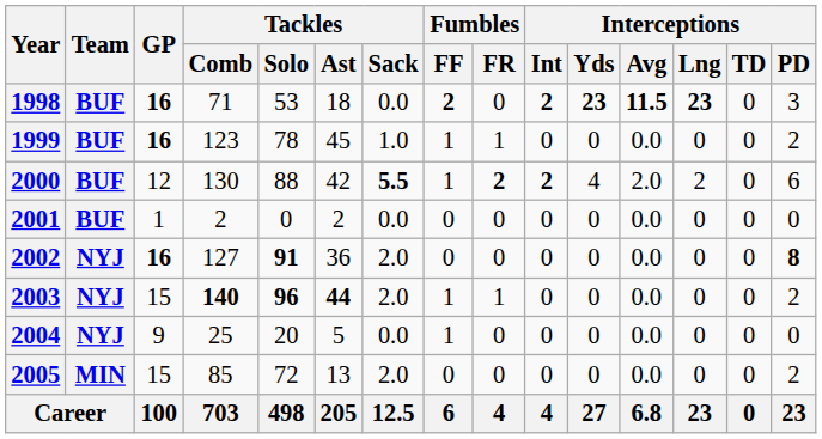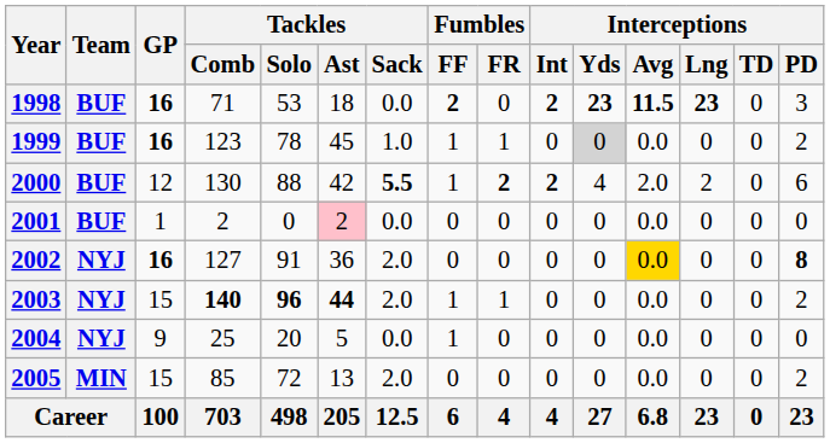 <table class="wikitable" style="text-align:center">
 <tr>
 <th rowspan="2">Year</th>
 <th rowspan="2">Team</th>
 <th rowspan="2">GP</th>
 <th colspan="4">Tackles</th>
 <th colspan="2">Fumbles</th>
 <th colspan="6">Interceptions</th>
 </tr>
 <tr>
 <th>Comb</th>
 <th>Solo</th>
 <th>Ast</th>
 <th>Sack</th>
 <th>FF</th>
 <th>FR</th>
 <th>Int</th>
 <th>Yds</th>
 <th>Avg</th>
 <th>Lng</th>
 <th>TD</th>
 <th>PD</th>
 </tr>
 <tr>
 <th><a href='#'>1998</a></th>
 <th><a href='#'>BUF</a></th>
 <td><strong>16</strong></td>
 <td>71</td>
 <td>53</td>
 <td>18</td>
 <td>0.0</td>
 <td><strong>2</strong></td>
 <td>0</td>
 <td><strong>2</strong></td>
 <td><strong>23</strong></td>
 <td><strong>11.5</strong></td>
 <td><strong>23</strong></td>
 <td>0</td>
 <td>3</td>
 </tr>
 <tr>
 <th><a href='#'>1999</a></th>
 <th><a href='#'>BUF</a></th>
 <td><strong>16</strong></td>
 <td>123</td>
 <td>78</td>
 <td>45</td>
 <td>1.0</td>
 <td>1</td>
 <td>1</td>
 <td>0</td>
-<td>0</td>
+<td style="background: lightgrey;">0</td>
 <td>0.0</td>
 <td>0</td>
 <td>0</td>
 <td>2</td>
 </tr>
 <tr>
 <th><a href='#'>2000</a></th>
 <th><a href='#'>BUF</a></th>
 <td>12</td>
 <td>130</td>
 <td>88</td>
 <td>42</td>
 <td><strong>5.5</strong></td>
 <td>1</td>
 <td><strong>2</strong></td>
 <td><strong>2</strong></td>
 <td>4</td>
 <td>2.0</td>
 <td>2</td>
 <td>0</td>
 <td>6</td>
 </tr>
 <tr>
 <th><a href='#'>2001</a></th>
 <th><a href='#'>BUF</a></th>
 <td>1</td>
 <td>2</td>
 <td>0</td>
-<td>2</td>
+<td style="background: pink;">2</td>
 <td>0.0</td>
 <td>0</td>
 <td>0</td>
 <td>0</td>
 <td>0</td>
 <td>0.0</td>
 <td>0</td>
 <td>0</td>
 <td>0</td>
 </tr>
 <tr>
 <th><a href='#'>2002</a></th>
 <th><a href='#'>NYJ</a></th>
 <td><strong>16</strong></td>
 <td>127</td>
-<td><strong>91</strong></td>
+<td>91</td>
 <td>36</td>
 <td>2.0</td>
 <td>0</td>
 <td>0</td>
 <td>0</td>
 <td>0</td>
-<td>0.0</td>
+<td style="background: gold;">0.0</td>
 <td>0</td>
 <td>0</td>
 <td><strong>8</strong></td>
 </tr>
 <tr>
 <th><a href='#'>2003</a></th>
 <th><a href='#'>NYJ</a></th>
 <td>15</td>
 <td><strong>140</strong></td>
 <td><strong>96</strong></td>
 <td><strong>44</strong></td>
 <td>2.0</td>
 <td>1</td>
 <td>1</td>
 <td>0</td>
 <td>0</td>
 <td>0.0</td>
 <td>0</td>
 <td>0</td>
 <td>2</td>
 </tr>
 <tr>
 <th><a href='#'>2004</a></th>
 <th><a href='#'>NYJ</a></th>
 <td>9</td>
 <td>25</td>
 <td>20</td>
 <td>5</td>
 <td>0.0</td>
 <td>1</td>
 <td>0</td>
 <td>0</td>
 <td>0</td>
 <td>0.0</td>
 <td>0</td>
 <td>0</td>
 <td>0</td>
 </tr>
 <tr>
 <th><a href='#'>2005</a></th>
 <th><a href='#'>MIN</a></th>
 <td>15</td>
 <td>85</td>
 <td>72</td>
 <td>13</td>
 <td>2.0</td>
 <td>0</td>
 <td>0</td>
 <td>0</td>
 <td>0</td>
 <td>0.0</td>
 <td>0</td>
 <td>0</td>
 <td>2</td>
 </tr>
 <tr>
 <th colspan="2">Career</th>
 <th>100</th>
 <th>703</th>
 <th>498</th>
 <th>205</th>
 <th>12.5</th>
 <th>6</th>
 <th>4</th>
 <th>4</th>
 <th>27</th>
 <th>6.8</th>
 <th>23</th>
 <th>0</th>
 <th>23</th>
 </tr>
 </table>
